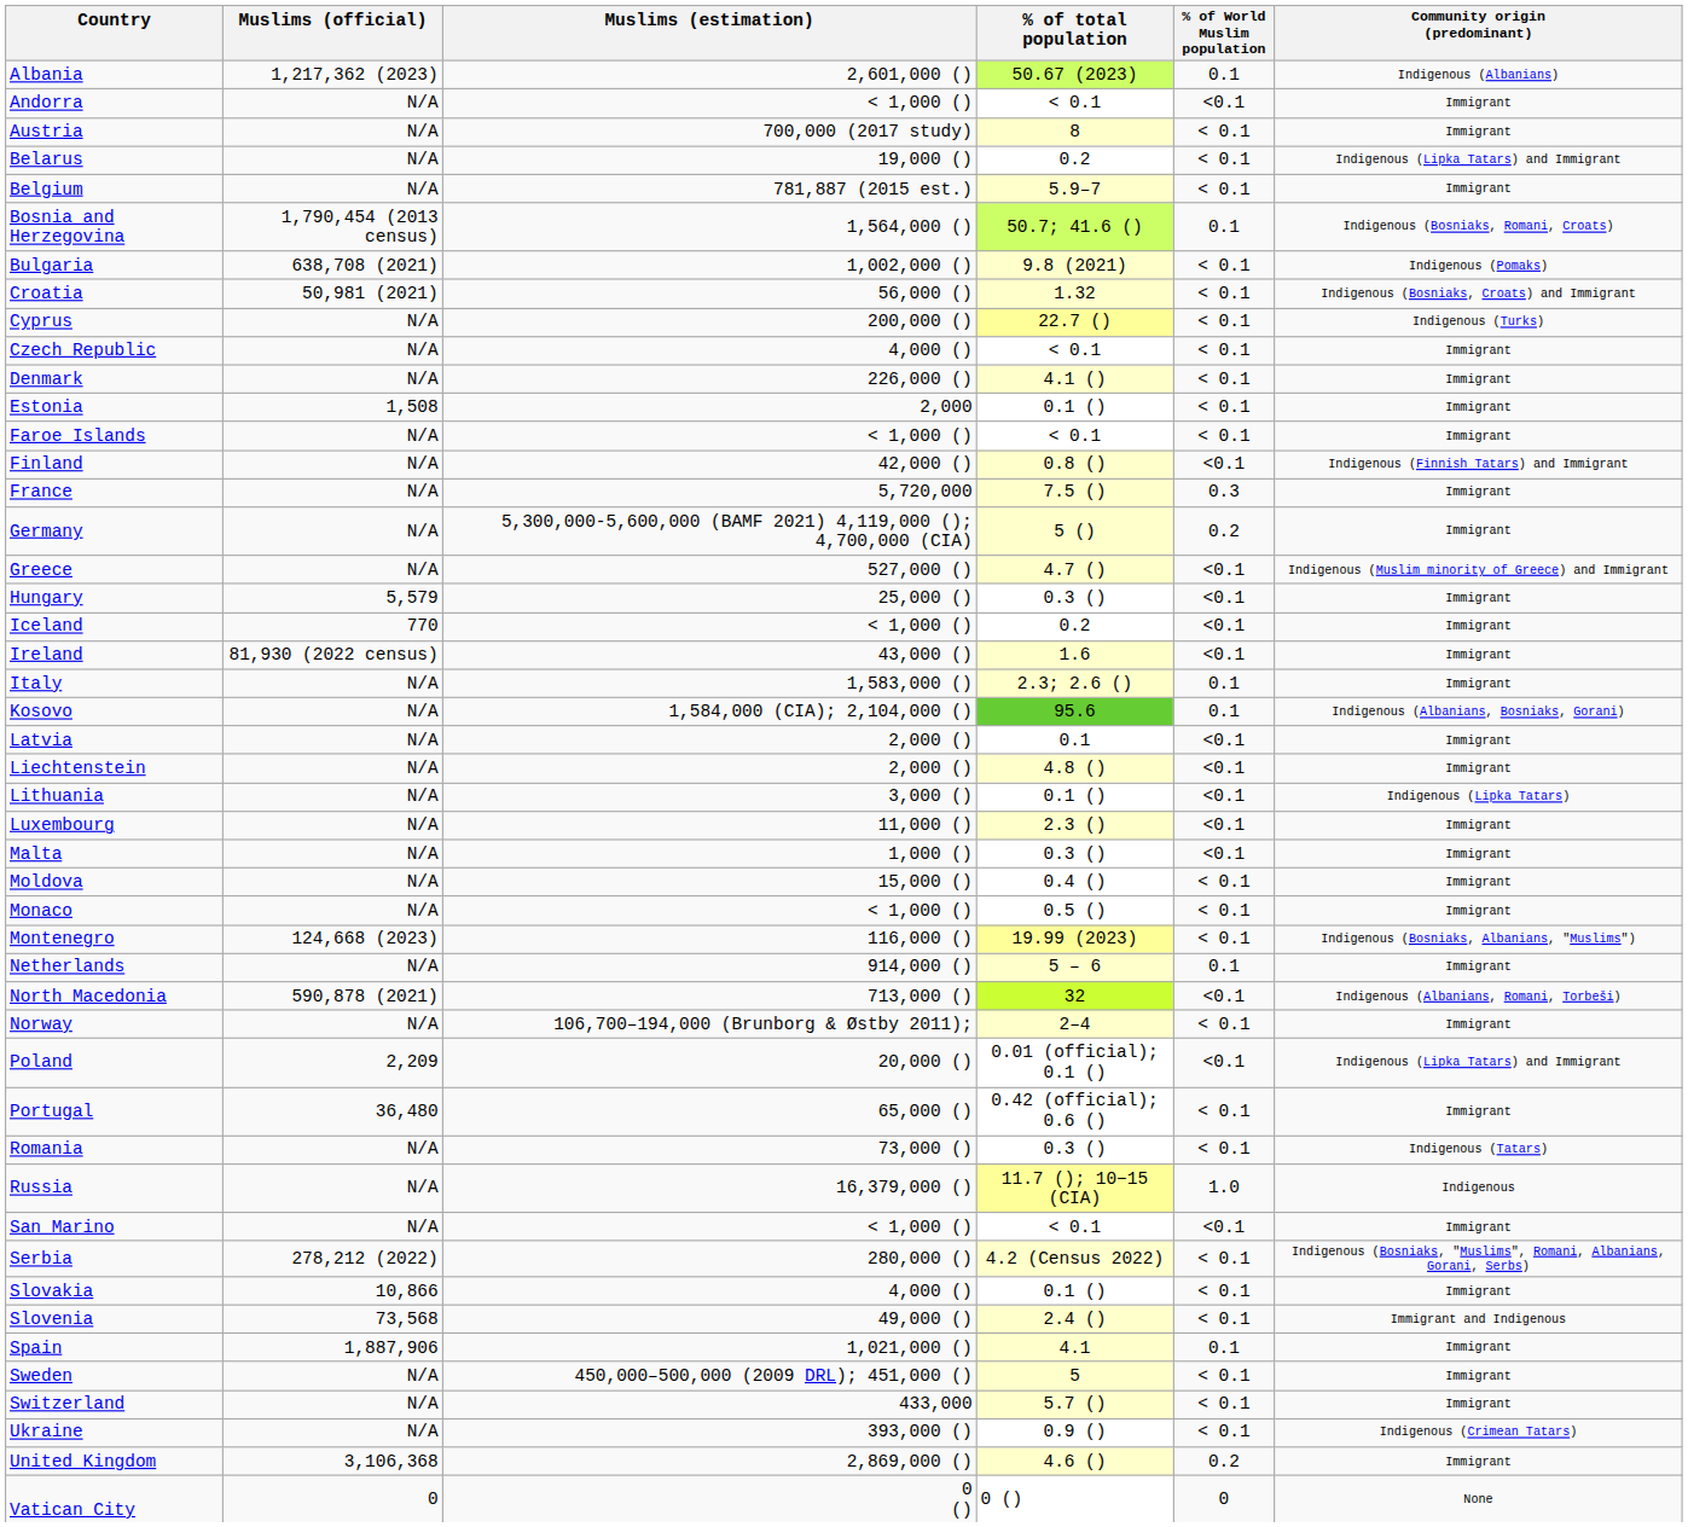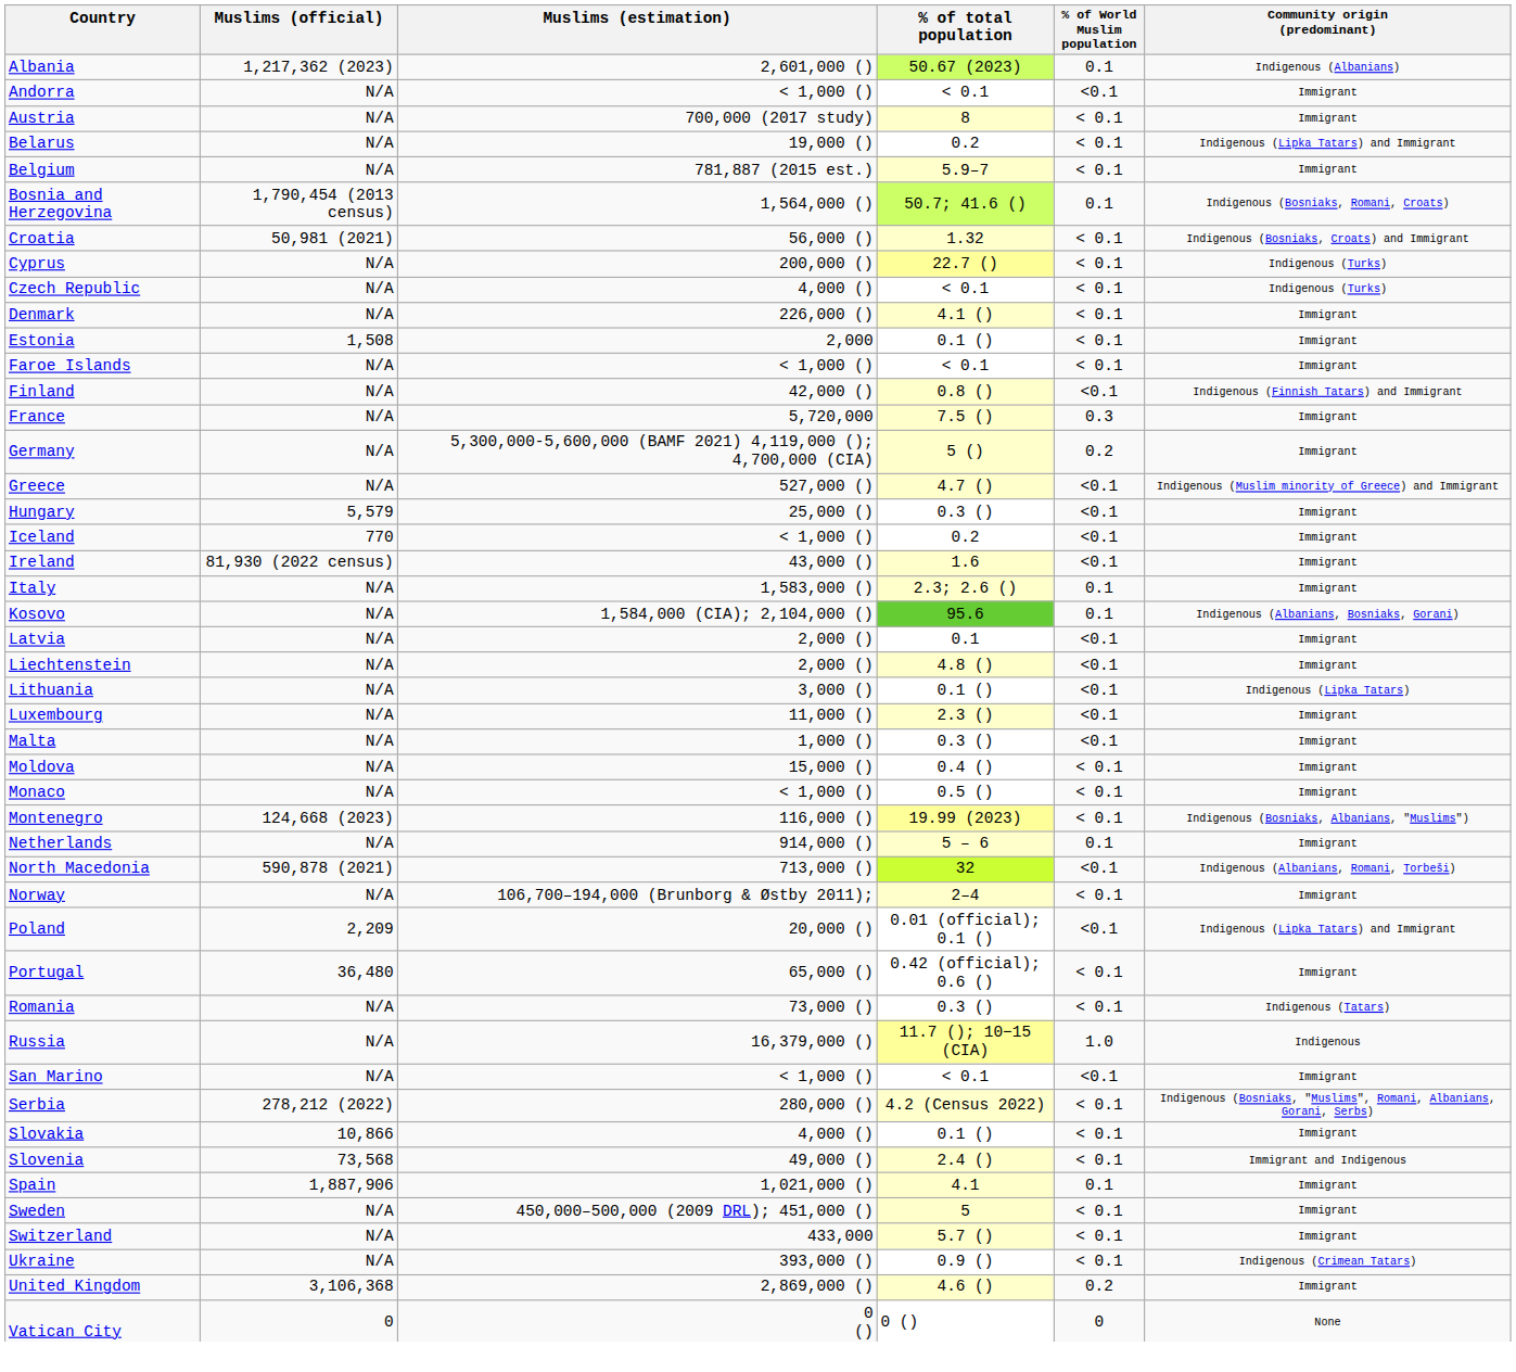 <table class="wikitable sortable" title = "Table, Islam by country" style="font-size:100%;" cellspacing="4">
 <tr valign="top">
 <th>Country</th>
 <th data-sort-type="number">Muslims (official)</th>
 <th data-sort-type="number">Muslims (estimation)</th>
 <th data-sort-type="number"  style="max-width:7em">% of total population</th>
 <th data-sort-type="number"  style="max-width:7em; font-size:80%;">% of World Muslim population</th>
 <th style="font-size:80%;">Community origin<br>(predominant)</th>
 </tr>
 <tr>
 <td> <a href='#'>Albania</a></td>
 <td style="text-align:right;">1,217,362 (2023)</td>
 <td style="text-align:right;">2,601,000 ()</td>
 <td style="background:#CCFF66; text-align:center;">50.67 (2023)</td>
 <td style="text-align:center;">0.1</td>
 <td style="text-align:center; font-size:70%;">Indigenous (<a href='#'>Albanians</a>)</td>
 </tr>
 <tr>
 <td> <a href='#'>Andorra</a></td>
 <td style="text-align:right;">N/A</td>
 <td style="text-align:right;">< 1,000 ()</td>
 <td style="background:#FFFFFF; text-align:center;">< 0.1</td>
 <td style="text-align:center;"><0.1</td>
 <td style="text-align:center; font-size:70%;">Immigrant</td>
 </tr>
 <tr>
 <td> <a href='#'>Austria</a></td>
 <td style="text-align:right;">N/A</td>
 <td style="text-align:right;">700,000 (2017 study)</td>
 <td style="background:#FFFFCC; text-align:center;">8</td>
 <td style="text-align:center;">< 0.1</td>
 <td style="text-align:center; font-size:70%;">Immigrant</td>
 </tr>
 <tr>
 <td> <a href='#'>Belarus</a></td>
 <td style="text-align:right;">N/A</td>
 <td style="text-align:right;">19,000 ()</td>
 <td style="background:#FFFFFF; text-align:center;">0.2</td>
 <td style="text-align:center;">< 0.1</td>
 <td style="text-align:center; font-size:70%;">Indigenous (<a href='#'>Lipka Tatars</a>) and Immigrant</td>
 </tr>
 <tr>
 <td> <a href='#'>Belgium</a></td>
 <td style="text-align:right;">N/A</td>
 <td style="text-align:right;">781,887 (2015 est.)</td>
 <td style="background:#FFFFCC; text-align:center;">5.9–7</td>
 <td style="text-align:center;">< 0.1</td>
 <td style="text-align:center; font-size:70%;">Immigrant</td>
 </tr>
 <tr>
 <td> <a href='#'>Bosnia and Herzegovina</a></td>
 <td style="text-align:right;">1,790,454 (2013 census)</td>
 <td style="text-align:right;">1,564,000 ()</td>
 <td style="background:#CCFF66; text-align:center;">50.7; 41.6 ()</td>
 <td style="text-align:center;">0.1</td>
 <td style="text-align:center; font-size:70%;">Indigenous (<a href='#'>Bosniaks</a>, <a href='#'>Romani</a>, <a href='#'>Croats</a>)</td>
 </tr>
 <tr>
-<td> <a href='#'>Bulgaria</a></td>
-<td style="text-align:right;">638,708 (2021)</td>
-<td style="text-align:right;">1,002,000 ()</td>
-<td style="background:#FFFFCC; text-align:center;">9.8 (2021)</td>
-<td style="text-align:center;">< 0.1</td>
-<td style="text-align:center; font-size:70%;">Indigenous (<a href='#'>Pomaks</a>)</td>
-</tr>
-<tr>
 <td> <a href='#'>Croatia</a></td>
 <td style="text-align:right;">50,981 (2021)</td>
 <td style="text-align:right;">56,000 ()</td>
 <td style="background:#FFFFCC; text-align:center;">1.32</td>
 <td style="text-align:center;">< 0.1</td>
 <td style="text-align:center; font-size:70%;">Indigenous (<a href='#'>Bosniaks</a>, <a href='#'>Croats</a>) and Immigrant</td>
 </tr>
 <tr>
 <td> <a href='#'>Cyprus</a></td>
 <td style="text-align:right;">N/A</td>
 <td style="text-align:right;">200,000 ()</td>
 <td style="background:#FFFF99; text-align:center;">22.7 ()</td>
 <td style="text-align:center;">< 0.1</td>
 <td style="text-align:center; font-size:70%;">Indigenous (<a href='#'>Turks</a>)</td>
 </tr>
 <tr>
 <td> <a href='#'>Czech Republic</a></td>
 <td style="text-align:right;">N/A</td>
 <td style="text-align:right;">4,000 ()</td>
 <td style="background:#FFFFFF; text-align:center;">< 0.1</td>
 <td style="text-align:center;">< 0.1</td>
-<td style="text-align:center; font-size:70%;">Immigrant</td>
+<td style="text-align:center; font-size:70%;">Indigenous (<a href='#'>Turks</a>)</td>
 </tr>
 <tr>
 <td> <a href='#'>Denmark</a></td>
 <td style="text-align:right;">N/A</td>
 <td style="text-align:right;">226,000 ()</td>
 <td style="background:#FFFFCC; text-align:center;">4.1 ()</td>
 <td style="text-align:center;">< 0.1</td>
 <td style="text-align:center; font-size:70%;">Immigrant</td>
 </tr>
 <tr>
 <td> <a href='#'>Estonia</a></td>
 <td style="text-align:right;">1,508</td>
 <td style="text-align:right;">2,000</td>
 <td style="background:#FFFFFF; text-align:center;">0.1 ()</td>
 <td style="text-align:center;">< 0.1</td>
 <td style="text-align:center; font-size:70%;">Immigrant</td>
 </tr>
 <tr>
 <td> <a href='#'>Faroe Islands</a></td>
 <td style="text-align:right;">N/A</td>
 <td style="text-align:right;">< 1,000 ()</td>
 <td style="background:#FFFFFF; text-align:center;">< 0.1</td>
 <td style="text-align:center;">< 0.1</td>
 <td style="text-align:center; font-size:70%;">Immigrant</td>
 </tr>
 <tr>
 <td> <a href='#'>Finland</a></td>
 <td style="text-align:right;">N/A</td>
 <td style="text-align:right;">42,000 ()</td>
 <td style="background:#FFFFCC; text-align:center;">0.8 ()</td>
 <td style="text-align:center;"><0.1</td>
 <td style="text-align:center; font-size:70%;">Indigenous (<a href='#'>Finnish Tatars</a>) and Immigrant</td>
 </tr>
 <tr>
 <td> <a href='#'>France</a></td>
 <td style="text-align:right;">N/A</td>
 <td style="text-align:right;">5,720,000</td>
 <td style="background:#FFFFCC; text-align:center;">7.5 ()</td>
 <td style="text-align:center;">0.3</td>
 <td style="text-align:center; font-size:70%;">Immigrant</td>
 </tr>
 <tr>
 <td> <a href='#'>Germany</a></td>
 <td style="text-align:right;">N/A</td>
 <td style="text-align:right;">5,300,000-5,600,000 (BAMF 2021) 4,119,000 (); 4,700,000 (CIA)</td>
 <td style="background:#FFFFCC; text-align:center;">5 ()</td>
 <td style="text-align:center;">0.2</td>
 <td style="text-align:center; font-size:70%;">Immigrant</td>
 </tr>
 <tr>
 <td> <a href='#'>Greece</a></td>
 <td style="text-align:right;">N/A</td>
 <td style="text-align:right;">527,000 ()</td>
 <td style="background:#FFFFCC; text-align:center;">4.7 ()</td>
 <td style="text-align:center;"><0.1</td>
 <td style="text-align:center; font-size:70%;">Indigenous (<a href='#'>Muslim minority of Greece</a>) and Immigrant</td>
 </tr>
 <tr>
 <td> <a href='#'>Hungary</a></td>
 <td style="text-align:right;">5,579</td>
 <td style="text-align:right;">25,000 ()</td>
 <td style="background:#FFFFFF; text-align:center;">0.3 ()</td>
 <td style="text-align:center;"><0.1</td>
 <td style="text-align:center; font-size:70%;">Immigrant</td>
 </tr>
 <tr>
 <td> <a href='#'>Iceland</a></td>
 <td style="text-align:right;">770</td>
 <td style="text-align:right;">< 1,000 ()</td>
 <td style="background:#FFFFFF; text-align:center;">0.2</td>
 <td style="text-align:center;"><0.1</td>
 <td style="text-align:center; font-size:70%;">Immigrant</td>
 </tr>
 <tr>
 <td> <a href='#'>Ireland</a></td>
 <td style="text-align:right;">81,930 (2022 census)</td>
 <td style="text-align:right;">43,000 ()</td>
 <td style="background:#FFFFCC; text-align:center;">1.6</td>
 <td style="text-align:center;"><0.1</td>
 <td style="text-align:center; font-size:70%;">Immigrant</td>
 </tr>
 <tr>
 <td> <a href='#'>Italy</a></td>
 <td style="text-align:right;">N/A</td>
 <td style="text-align:right;">1,583,000 ()</td>
 <td style="background:#FFFFCC; text-align:center;">2.3; 2.6 ()</td>
 <td style="text-align:center;">0.1</td>
 <td style="text-align:center; font-size:70%;">Immigrant</td>
 </tr>
 <tr>
 <td> <a href='#'>Kosovo</a></td>
 <td style="text-align:right;">N/A</td>
 <td style="text-align:right;">1,584,000 (CIA); 2,104,000 ()</td>
 <td style="background:#66CC33; text-align:center;">95.6</td>
 <td style="text-align:center;">0.1</td>
 <td style="text-align:center; font-size:70%;">Indigenous (<a href='#'>Albanians</a>, <a href='#'>Bosniaks</a>, <a href='#'>Gorani</a>)</td>
 </tr>
 <tr>
 <td> <a href='#'>Latvia</a></td>
 <td style="text-align:right;">N/A</td>
 <td style="text-align:right;">2,000 ()</td>
 <td style="background:#FFFFFF; text-align:center;">0.1</td>
 <td style="text-align:center;"><0.1</td>
 <td style="text-align:center; font-size:70%;">Immigrant</td>
 </tr>
 <tr>
 <td> <a href='#'>Liechtenstein</a></td>
 <td style="text-align:right;">N/A</td>
 <td style="text-align:right;">2,000 ()</td>
 <td style="background:#FFFFCC; text-align:center;">4.8 ()</td>
 <td style="text-align:center;"><0.1</td>
 <td style="text-align:center; font-size:70%;">Immigrant</td>
 </tr>
 <tr>
 <td> <a href='#'>Lithuania</a></td>
 <td style="text-align:right;">N/A</td>
 <td style="text-align:right;">3,000 ()</td>
 <td style="background:#FFFFFF; text-align:center;">0.1 ()</td>
 <td style="text-align:center;"><0.1</td>
 <td style="text-align:center; font-size:70%;">Indigenous (<a href='#'>Lipka Tatars</a>)</td>
 </tr>
 <tr>
 <td> <a href='#'>Luxembourg</a></td>
 <td style="text-align:right;">N/A</td>
 <td style="text-align:right;">11,000 ()</td>
 <td style="background:#FFFFCC; text-align:center;">2.3 ()</td>
 <td style="text-align:center;"><0.1</td>
 <td style="text-align:center; font-size:70%;">Immigrant</td>
 </tr>
 <tr>
 <td> <a href='#'>Malta</a></td>
 <td style="text-align:right;">N/A</td>
 <td style="text-align:right;">1,000 ()</td>
 <td style="background:#FFFFFF; text-align:center;">0.3 ()</td>
 <td style="text-align:center;"><0.1</td>
 <td style="text-align:center; font-size:70%;">Immigrant</td>
 </tr>
 <tr>
 <td> <a href='#'>Moldova</a></td>
 <td style="text-align:right;">N/A</td>
 <td style="text-align:right;">15,000 ()</td>
 <td style="background:#FFFFFF; text-align:center;">0.4 ()</td>
 <td style="text-align:center;">< 0.1</td>
 <td style="text-align:center; font-size:70%;">Immigrant</td>
 </tr>
 <tr>
 <td> <a href='#'>Monaco</a></td>
 <td style="text-align:right;">N/A</td>
 <td style="text-align:right;">< 1,000 ()</td>
 <td style="background:#FFFFFF; text-align:center;">0.5 ()</td>
 <td style="text-align:center;">< 0.1</td>
 <td style="text-align:center; font-size:70%;">Immigrant</td>
 </tr>
 <tr>
 <td> <a href='#'>Montenegro</a></td>
 <td style="text-align:right;">124,668 (2023)</td>
 <td style="text-align:right;">116,000 ()</td>
 <td style="background:#FFFF99; text-align:center;">19.99 (2023)</td>
 <td style="text-align:center;">< 0.1</td>
 <td style="text-align:center; font-size:70%;">Indigenous (<a href='#'>Bosniaks</a>, <a href='#'>Albanians</a>, "<a href='#'>Muslims</a>")</td>
 </tr>
 <tr>
 <td> <a href='#'>Netherlands</a></td>
 <td style="text-align:right;">N/A</td>
 <td style="text-align:right;">914,000 ()</td>
 <td style="background:#FFFFCC; text-align:center;">5 – 6</td>
 <td style="text-align:center;">0.1</td>
 <td style="text-align:center; font-size:70%;">Immigrant</td>
 </tr>
 <tr>
 <td> <a href='#'>North Macedonia</a></td>
 <td style="text-align:right;">590,878 (2021)</td>
 <td style="text-align:right;">713,000 ()</td>
 <td style="background:#CCFF33; text-align:center;">32</td>
 <td style="text-align:center;"><0.1</td>
 <td style="text-align:center; font-size:70%;">Indigenous (<a href='#'>Albanians</a>, <a href='#'>Romani</a>, <a href='#'>Torbeši</a>)</td>
 </tr>
 <tr>
 <td> <a href='#'>Norway</a></td>
 <td style="text-align:right;">N/A</td>
 <td style="text-align:right;">106,700–194,000 (Brunborg & Østby 2011);</td>
 <td style="background:#FFFFCC; text-align:center;">2–4</td>
 <td style="text-align:center;">< 0.1</td>
 <td style="text-align:center; font-size:70%;">Immigrant</td>
 </tr>
 <tr>
 <td> <a href='#'>Poland</a></td>
 <td style="text-align:right;">2,209</td>
 <td style="text-align:right;">20,000 ()</td>
 <td style="background:#FFFFFF; text-align:center;">0.01 (official);<br>0.1 ()</td>
 <td style="text-align:center;"><0.1</td>
 <td style="text-align:center; font-size:70%;">Indigenous (<a href='#'>Lipka Tatars</a>) and Immigrant</td>
 </tr>
 <tr>
 <td> <a href='#'>Portugal</a></td>
 <td style="text-align:right;">36,480</td>
 <td style="text-align:right;">65,000 ()</td>
 <td style="background:#FFFFFF; text-align:center;">0.42 (official);<br>0.6 ()</td>
 <td style="text-align:center;">< 0.1</td>
 <td style="text-align:center; font-size:70%;">Immigrant</td>
 </tr>
 <tr>
 <td> <a href='#'>Romania</a></td>
 <td style="text-align:right;">N/A</td>
 <td style="text-align:right;">73,000 ()</td>
 <td style="background:#FFFFFF; text-align:center;">0.3 ()</td>
 <td style="text-align:center;">< 0.1</td>
 <td style="text-align:center; font-size:70%;">Indigenous (<a href='#'>Tatars</a>)</td>
 </tr>
 <tr>
 <td> <a href='#'>Russia</a></td>
 <td style="text-align:right;">N/A</td>
 <td style="text-align:right;">16,379,000 ()</td>
 <td style="background:#FFFF99; text-align:center;">11.7 (); 10−15 (CIA)</td>
 <td style="text-align:center;">1.0</td>
 <td style="text-align:center; font-size:70%;">Indigenous</td>
 </tr>
 <tr>
 <td> <a href='#'>San Marino</a></td>
 <td style="text-align:right;">N/A</td>
 <td style="text-align:right;">< 1,000 ()</td>
 <td style="background:#FFFFFF; text-align:center;">< 0.1</td>
 <td style="text-align:center;"><0.1</td>
 <td style="text-align:center; font-size:70%;">Immigrant</td>
 </tr>
 <tr>
 <td> <a href='#'>Serbia</a></td>
 <td style="text-align:right;">278,212 (2022)</td>
 <td style="text-align:right;">280,000 ()</td>
 <td style="background:#FFFFCC; text-align:center;">4.2 (Census 2022)</td>
 <td style="text-align:center;">< 0.1</td>
 <td style="text-align:center; font-size:70%;">Indigenous (<a href='#'>Bosniaks</a>, "<a href='#'>Muslims</a>", <a href='#'>Romani</a>, <a href='#'>Albanians</a>, <a href='#'>Gorani</a>, <a href='#'>Serbs</a>)</td>
 </tr>
 <tr>
 <td> <a href='#'>Slovakia</a></td>
 <td style="text-align:right;">10,866</td>
 <td style="text-align:right;">4,000 ()</td>
 <td style="background:#FFFFFF; text-align:center;">0.1 ()</td>
 <td style="text-align:center;">< 0.1</td>
 <td style="text-align:center; font-size:70%;">Immigrant</td>
 </tr>
 <tr>
 <td> <a href='#'>Slovenia</a></td>
 <td style="text-align:right;">73,568</td>
 <td style="text-align:right;">49,000 ()</td>
 <td style="background:#FFFFCC; text-align:center;">2.4 ()</td>
 <td style="text-align:center;">< 0.1</td>
 <td style="text-align:center; font-size:70%;">Immigrant and Indigenous</td>
 </tr>
 <tr>
 <td> <a href='#'>Spain</a></td>
 <td style="text-align:right;">1,887,906</td>
 <td style="text-align:right;">1,021,000 ()</td>
 <td style="background:#FFFFCC; text-align:center;">4.1</td>
 <td style="text-align:center;">0.1</td>
 <td style="text-align:center; font-size:70%;">Immigrant</td>
 </tr>
 <tr>
 <td> <a href='#'>Sweden</a></td>
 <td style="text-align:right;">N/A</td>
 <td style="text-align:right;">450,000–500,000 (2009 <a href='#'>DRL</a>); 451,000 ()</td>
 <td style="background:#FFFFCC; text-align:center;">5</td>
 <td style="text-align:center;">< 0.1</td>
 <td style="text-align:center; font-size:70%;">Immigrant</td>
 </tr>
 <tr>
 <td> <a href='#'>Switzerland</a></td>
 <td style="text-align:right;">N/A</td>
 <td style="text-align:right;">433,000</td>
 <td style="background:#FFFFCC; text-align:center;">5.7 ()</td>
 <td style="text-align:center;">< 0.1</td>
 <td style="text-align:center; font-size:70%;">Immigrant</td>
 </tr>
 <tr>
 <td> <a href='#'>Ukraine</a></td>
 <td style="text-align:right;">N/A</td>
 <td style="text-align:right;">393,000 ()</td>
 <td style="background:#FFFFFF; text-align:center;">0.9 ()</td>
 <td style="text-align:center;">< 0.1</td>
 <td style="text-align:center; font-size:70%;">Indigenous (<a href='#'>Crimean Tatars</a>)</td>
 </tr>
 <tr>
 <td> <a href='#'>United Kingdom</a></td>
 <td style="text-align:right;">3,106,368</td>
 <td style="text-align:right;">2,869,000 ()</td>
 <td style="background:#FFFFCC; text-align:center;">4.6 ()</td>
 <td style="text-align:center;">0.2</td>
 <td style="text-align:center; font-size:70%;">Immigrant</td>
 </tr>
 <tr>
 <td><br><a href='#'>Vatican City</a></td>
 <td style="text-align:right;">0</td>
 <td style="text-align:right;">0<br>()</td>
 <td style="background:#FFFFFF; text- align:center;">0 ()</td>
 <td style="text-align:center;">0</td>
 <td style="text-align:center; font-size:70%;">None</td>
 </tr>
 </table>
